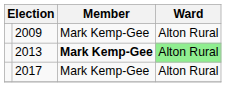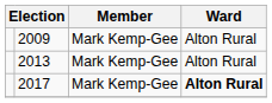 <table class="wikitable">
 <tr>
 <th colspan="2">Election</th>
 <th>Member</th>
 <th>Ward</th>
 </tr>
 <tr>
 <td style="background-color: "></td>
 <td>2009</td>
 <td>Mark Kemp-Gee</td>
 <td>Alton Rural</td>
 </tr>
 <tr>
 <td style="background-color: "></td>
 <td>2013</td>
-<td><strong>Mark Kemp-Gee</strong></td>
-<td style="background: lightgreen;">Alton Rural</td>
+<td>Mark Kemp-Gee</td>
+<td>Alton Rural</td>
 </tr>
 <tr>
 <td style="background-color: "></td>
 <td>2017</td>
 <td>Mark Kemp-Gee</td>
-<td>Alton Rural</td>
+<td><strong>Alton Rural</strong></td>
 </tr>
 <tr>
 </tr>
 </table>
